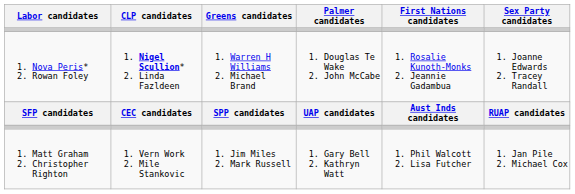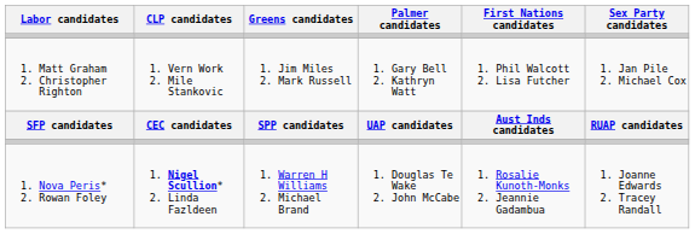 <table class="wikitable">
 <tr>
 <th><a href='#'>Labor</a> candidates</th>
 <th><a href='#'>CLP</a> candidates</th>
 <th><a href='#'>Greens</a> candidates</th>
 <th><a href='#'>Palmer</a> candidates</th>
 <th><a href='#'>First Nations</a> candidates</th>
 <th><a href='#'>Sex Party</a> candidates</th>
 </tr>
 <tr style="background:#ccc;">
 <td></td>
 <td></td>
 <td></td>
 <td></td>
 <td></td>
 <td></td>
 </tr>
 <tr>
-<td><br><ol><li><a href='#'>Nova Peris</a>*</li><li>Rowan Foley</li></ol></td>
-<td><br><ol><li><strong><a href='#'>Nigel Scullion</a></strong>*</li><li>Linda Fazldeen</li></ol></td>
-<td valign=top><br><ol><li><a href='#'>Warren H Williams</a></li><li>Michael Brand</li></ol></td>
-<td valign=top><br><ol><li>Douglas Te Wake</li><li>John McCabe</li></ol></td>
-<td valign=top><br><ol><li><a href='#'>Rosalie Kunoth-Monks</a></li><li>Jeannie Gadambua</li></ol></td>
-<td valign=top><br><ol><li>Joanne Edwards</li><li>Tracey Randall</li></ol></td>
+<td valign=top><br><ol><li>Matt Graham</li><li>Christopher Righton</li></ol></td>
+<td valign=top><br><ol><li>Vern Work</li><li>Mile Stankovic</li></ol></td>
+<td valign=top><br><ol><li>Jim Miles</li><li>Mark Russell</li></ol></td>
+<td valign=top><br><ol><li>Gary Bell</li><li>Kathryn Watt</li></ol></td>
+<td valign=top><br><ol><li>Phil Walcott</li><li>Lisa Futcher</li></ol></td>
+<td valign=top><br><ol><li>Jan Pile</li><li>Michael Cox</li></ol></td>
 </tr>
 <tr style="background:#ccc;">
 <th><a href='#'>SFP</a> candidates</th>
 <th><a href='#'>CEC</a> candidates</th>
 <th><a href='#'>SPP</a> candidates</th>
 <th><a href='#'>UAP</a> candidates</th>
 <th><a href='#'>Aust Inds</a> candidates</th>
 <th><a href='#'>RUAP</a> candidates</th>
 </tr>
 <tr style="background:#ccc;">
 <td></td>
 <td></td>
 <td></td>
 <td></td>
 <td></td>
 <td></td>
 </tr>
 <tr>
-<td valign=top><br><ol><li>Matt Graham</li><li>Christopher Righton</li></ol></td>
-<td valign=top><br><ol><li>Vern Work</li><li>Mile Stankovic</li></ol></td>
-<td valign=top><br><ol><li>Jim Miles</li><li>Mark Russell</li></ol></td>
-<td valign=top><br><ol><li>Gary Bell</li><li>Kathryn Watt</li></ol></td>
-<td valign=top><br><ol><li>Phil Walcott</li><li>Lisa Futcher</li></ol></td>
-<td valign=top><br><ol><li>Jan Pile</li><li>Michael Cox</li></ol></td>
+<td><br><ol><li><a href='#'>Nova Peris</a>*</li><li>Rowan Foley</li></ol></td>
+<td><br><ol><li><strong><a href='#'>Nigel Scullion</a></strong>*</li><li>Linda Fazldeen</li></ol></td>
+<td valign=top><br><ol><li><a href='#'>Warren H Williams</a></li><li>Michael Brand</li></ol></td>
+<td valign=top><br><ol><li>Douglas Te Wake</li><li>John McCabe</li></ol></td>
+<td valign=top><br><ol><li><a href='#'>Rosalie Kunoth-Monks</a></li><li>Jeannie Gadambua</li></ol></td>
+<td valign=top><br><ol><li>Joanne Edwards</li><li>Tracey Randall</li></ol></td>
 </tr>
 </table>
